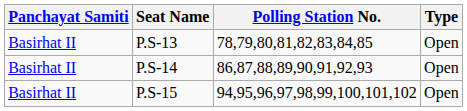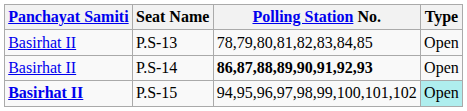 <table class=wikitable>
 <tr>
 <th><a href='#'>Panchayat Samiti</a></th>
 <th>Seat Name</th>
 <th><a href='#'>Polling Station</a> No.</th>
 <th>Type</th>
 </tr>
 <tr>
 <td><a href='#'>Basirhat II</a></td>
 <td>P.S-13</td>
 <td>78,79,80,81,82,83,84,85</td>
 <td>Open</td>
 </tr>
 <tr>
 <td><a href='#'>Basirhat II</a></td>
 <td>P.S-14</td>
-<td>86,87,88,89,90,91,92,93</td>
+<td><strong>86,87,88,89,90,91,92,93</strong></td>
 <td>Open</td>
 </tr>
 <tr>
-<td><a href='#'>Basirhat II</a></td>
+<td><strong><a href='#'>Basirhat II</a></strong></td>
 <td>P.S-15</td>
 <td>94,95,96,97,98,99,100,101,102</td>
-<td>Open</td>
+<td style="background: paleturquoise;">Open</td>
 </tr>
 <tr>
 </tr>
 </table>
